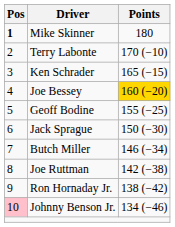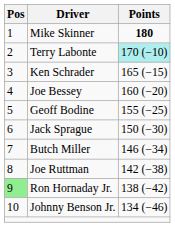 <table class="sortable wikitable " style="font-size: 95%;">
 <tr>
 <th>Pos</th>
 <th>Driver</th>
 <th>Points</th>
 </tr>
 <tr>
-<td><strong>1</strong></td>
+<td>1</td>
 <td>Mike Skinner</td>
-<td style="text-align:center;">180</td>
+<td style="text-align:center;"><strong>180</strong></td>
 </tr>
 <tr>
 <td>2</td>
 <td>Terry Labonte</td>
-<td style="text-align:center;">170 (−10)</td>
+<td style="background: paleturquoise; text-align:center;">170 (−10)</td>
 </tr>
 <tr>
 <td>3</td>
 <td>Ken Schrader</td>
 <td style="text-align:center;">165 (−15)</td>
 </tr>
 <tr>
 <td>4</td>
 <td>Joe Bessey</td>
-<td style="background: gold; text-align:center;">160 (−20)</td>
+<td style="text-align:center;">160 (−20)</td>
 </tr>
 <tr>
 <td>5</td>
 <td>Geoff Bodine</td>
 <td style="text-align:center">155 (−25)</td>
 </tr>
 <tr>
 <td>6</td>
 <td>Jack Sprague</td>
 <td style="text-align:center">150 (−30)</td>
 </tr>
 <tr>
 <td>7</td>
 <td>Butch Miller</td>
 <td style="text-align:center">146 (−34)</td>
 </tr>
 <tr>
 <td>8</td>
 <td>Joe Ruttman</td>
 <td style="text-align:center">142 (−38)</td>
 </tr>
 <tr>
-<td>9</td>
+<td style="background: lightgreen;">9</td>
 <td>Ron Hornaday Jr.</td>
 <td style="text-align:center">138 (−42)</td>
 </tr>
 <tr>
-<td style="background: pink;">10</td>
+<td>10</td>
 <td>Johnny Benson Jr.</td>
 <td style="text-align:center">134 (−46)</td>
 </tr>
 <tr class="sortbottom">
 <td colspan="9"></td>
 </tr>
 </table>
